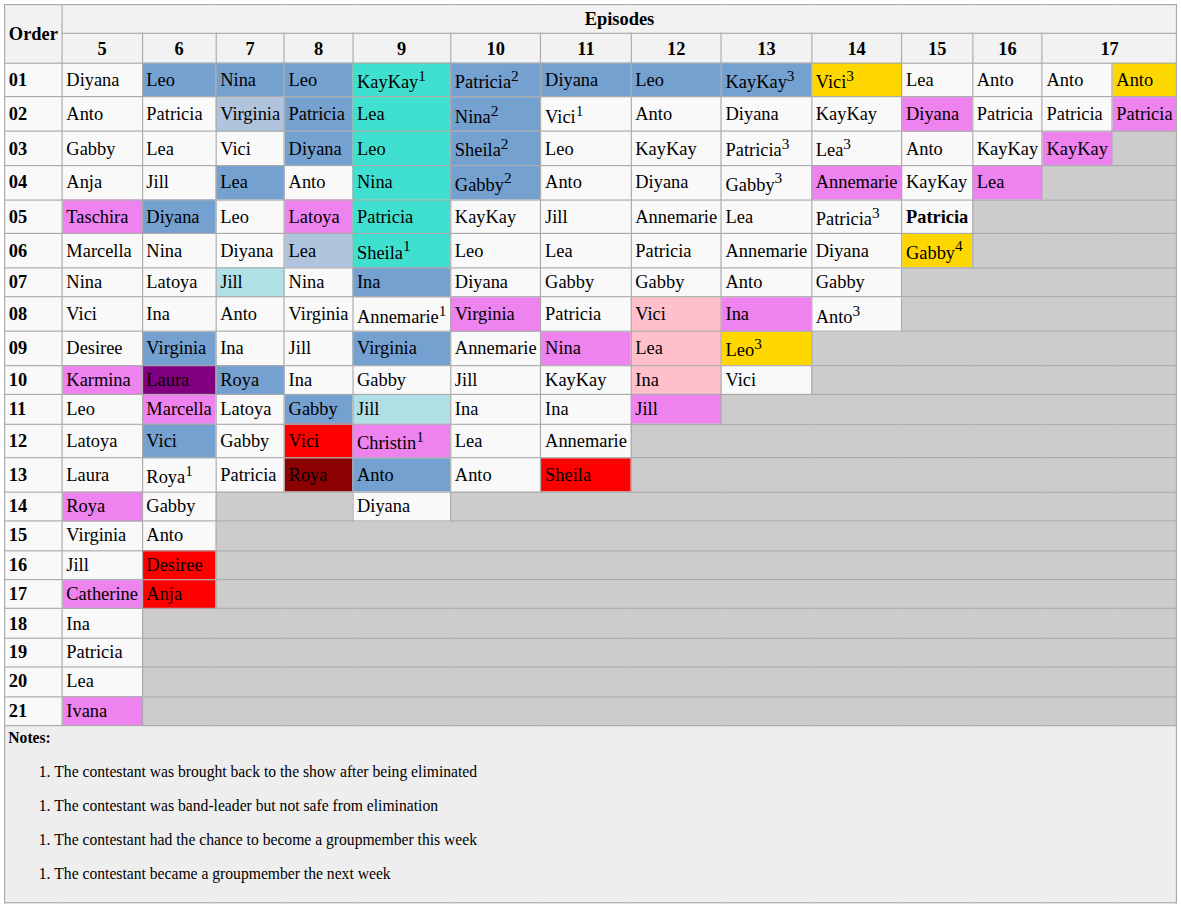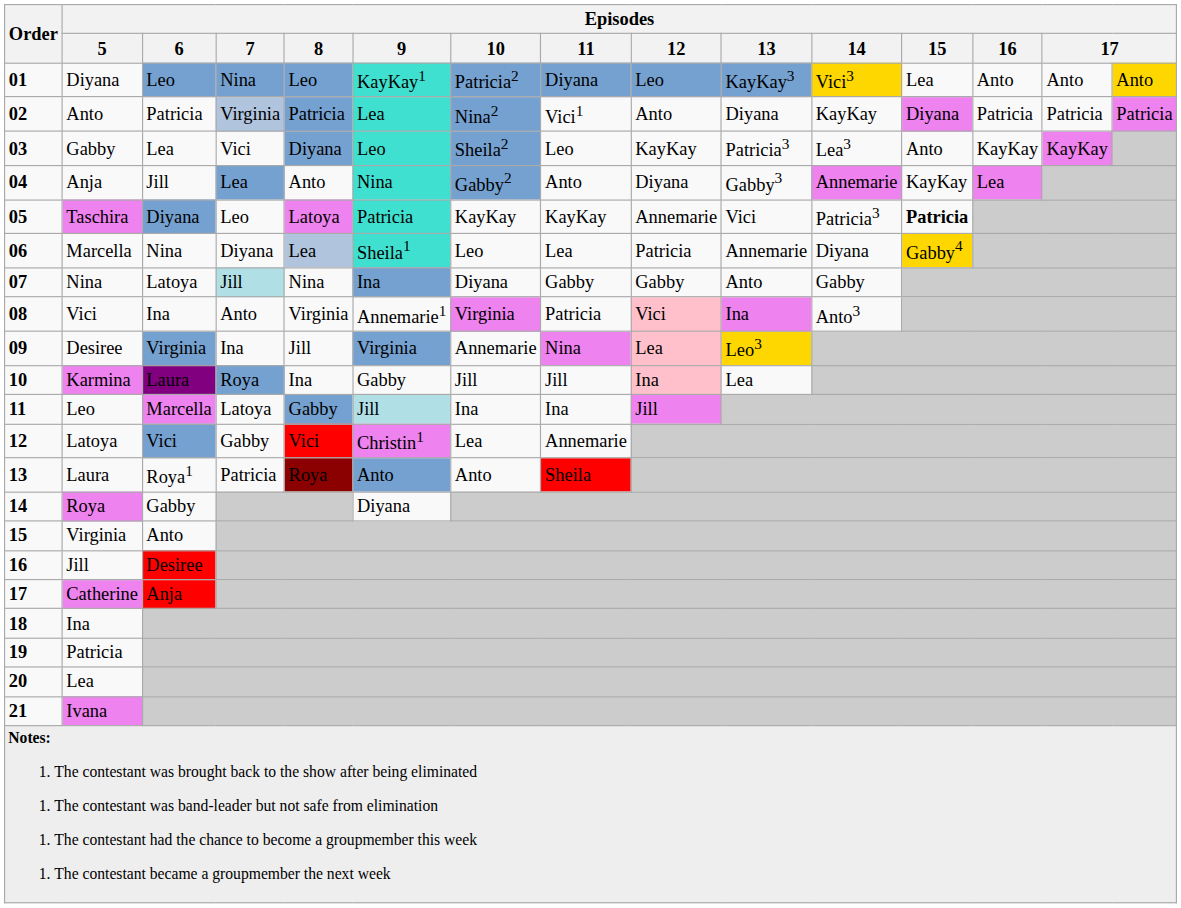 <table class="wikitable">
 <tr>
 <th rowspan=2>Order</th>
 <th colspan=14>Episodes</th>
 </tr>
 <tr>
 <th>5</th>
 <th>6</th>
 <th>7</th>
 <th>8</th>
 <th>9</th>
 <th>10</th>
 <th>11</th>
 <th>12</th>
 <th>13</th>
 <th>14</th>
 <th>15</th>
 <th>16</th>
 <th colspan=2>17</th>
 </tr>
 <tr>
 <td><strong>01</strong></td>
 <td>Diyana</td>
 <td style="background:#75A1D0">Leo</td>
 <td style="background:#75A1D0">Nina</td>
 <td style="background:#75A1D0">Leo</td>
 <td style="background:turquoise">KayKay<sup>1</sup></td>
 <td style="background:#75A1D0">Patricia<sup>2</sup></td>
 <td style="background:#75A1D0">Diyana</td>
 <td style="background:#75A1D0">Leo</td>
 <td style="background:#75A1D0">KayKay<sup>3</sup></td>
 <td style="background:gold">Vici<sup>3</sup></td>
 <td>Lea</td>
 <td>Anto</td>
 <td>Anto</td>
 <td style="background:gold">Anto</td>
 </tr>
 <tr>
 <td><strong>02</strong></td>
 <td>Anto</td>
 <td>Patricia</td>
 <td style="background:lightsteelblue">Virginia</td>
 <td style="background:#75A1D0">Patricia</td>
 <td style="background:turquoise">Lea</td>
 <td style="background:#75A1D0">Nina<sup>2</sup></td>
 <td>Vici<sup>1</sup></td>
 <td>Anto</td>
 <td>Diyana</td>
 <td>KayKay</td>
 <td style="background:violet">Diyana</td>
 <td>Patricia</td>
 <td>Patricia</td>
 <td style="background:violet">Patricia</td>
 </tr>
 <tr>
 <td><strong>03</strong></td>
 <td>Gabby</td>
 <td>Lea</td>
 <td>Vici</td>
 <td style="background:#75A1D0">Diyana</td>
 <td style="background:turquoise">Leo</td>
 <td style="background:#75A1D0">Sheila<sup>2</sup></td>
 <td>Leo</td>
 <td>KayKay</td>
 <td>Patricia<sup>3</sup></td>
 <td>Lea<sup>3</sup></td>
 <td>Anto</td>
 <td>KayKay</td>
 <td style="background:violet">KayKay</td>
 <td style="background:#CCCCCC;" colspan="1"></td>
 </tr>
 <tr>
 <td><strong>04</strong></td>
 <td>Anja</td>
 <td>Jill</td>
 <td style="background:#75A1D0">Lea</td>
 <td>Anto</td>
 <td style="background:turquoise">Nina</td>
 <td style="background:#75A1D0">Gabby<sup>2</sup></td>
 <td>Anto</td>
 <td>Diyana</td>
 <td>Gabby<sup>3</sup></td>
 <td style="background:violet">Annemarie</td>
 <td>KayKay</td>
 <td style="background:violet">Lea</td>
 <td style="background:#CCCCCC;" colspan="2"></td>
 </tr>
 <tr>
 <td><strong>05</strong></td>
 <td style="background:violet">Taschira</td>
 <td style="background:#75A1D0">Diyana</td>
 <td>Leo</td>
 <td style="background:violet">Latoya</td>
 <td style="background:turquoise">Patricia</td>
 <td>KayKay</td>
-<td>Jill</td>
+<td>KayKay</td>
 <td>Annemarie</td>
-<td>Lea</td>
+<td>Vici</td>
 <td>Patricia<sup>3</sup></td>
 <td><strong>Patricia</strong></td>
 <td style="background:#CCCCCC;" colspan="3"></td>
 </tr>
 <tr>
 <td><strong>06</strong></td>
 <td>Marcella</td>
 <td>Nina</td>
 <td>Diyana</td>
 <td style="background:lightsteelblue">Lea</td>
 <td style="background:turquoise">Sheila<sup>1</sup></td>
 <td>Leo</td>
 <td>Lea</td>
 <td>Patricia</td>
 <td>Annemarie</td>
 <td>Diyana</td>
 <td style="background:gold">Gabby<sup>4</sup></td>
 <td style="background:#CCCCCC;" colspan="3"></td>
 </tr>
 <tr>
 <td><strong>07</strong></td>
 <td>Nina</td>
 <td>Latoya</td>
 <td style="background:powderblue">Jill</td>
 <td>Nina</td>
 <td style="background:#75A1D0">Ina</td>
 <td>Diyana</td>
 <td>Gabby</td>
 <td>Gabby</td>
 <td>Anto</td>
 <td>Gabby</td>
 <td style="background:#CCCCCC;" colspan="4"></td>
 </tr>
 <tr>
 <td><strong>08</strong></td>
 <td>Vici</td>
 <td>Ina</td>
 <td>Anto</td>
 <td>Virginia</td>
 <td>Annemarie<sup>1</sup></td>
 <td style="background:violet">Virginia</td>
 <td>Patricia</td>
 <td style="background:pink">Vici</td>
 <td style="background:violet">Ina</td>
 <td>Anto<sup>3</sup></td>
 <td style="background:#CCCCCC;" colspan="4"></td>
 </tr>
 <tr>
 <td><strong>09</strong></td>
 <td>Desiree</td>
 <td style="background:#75A1D0">Virginia</td>
 <td>Ina</td>
 <td>Jill</td>
 <td style="background:#75A1D0">Virginia</td>
 <td>Annemarie</td>
 <td style="background:violet">Nina</td>
 <td style="background:pink">Lea</td>
 <td style="background:gold">Leo<sup>3</sup></td>
 <td style="background:#CCCCCC;" colspan="5"></td>
 </tr>
 <tr>
 <td><strong>10</strong></td>
 <td style="background:violet">Karmina</td>
 <td style="background:purple"><span>Laura</span></td>
 <td style="background:#75A1D0">Roya</td>
 <td>Ina</td>
 <td>Gabby</td>
 <td>Jill</td>
-<td>KayKay</td>
+<td>Jill</td>
 <td style="background:pink">Ina</td>
-<td>Vici</td>
+<td>Lea</td>
 <td style="background:#CCCCCC;" colspan="5"></td>
 </tr>
 <tr>
 <td><strong>11</strong></td>
 <td>Leo</td>
 <td style="background:violet">Marcella</td>
 <td>Latoya</td>
 <td style="background:#75A1D0">Gabby</td>
 <td style="background:powderblue">Jill</td>
 <td>Ina</td>
 <td>Ina</td>
 <td style="background:violet">Jill</td>
 <td style="background:#CCCCCC;" colspan="6"></td>
 </tr>
 <tr>
 <td><strong>12</strong></td>
 <td>Latoya</td>
 <td style="background:#75A1D0"><span>Vici</span></td>
 <td>Gabby</td>
 <td style="background:red"><span>Vici</span></td>
 <td style="background:violet">Christin<sup>1</sup></td>
 <td>Lea</td>
 <td>Annemarie</td>
 <td style="background:#CCCCCC;" colspan="7"></td>
 </tr>
 <tr>
 <td><strong>13</strong></td>
 <td>Laura</td>
 <td>Roya<sup>1</sup></td>
 <td>Patricia</td>
 <td style="background:darkred"><span>Roya</span></td>
 <td style="background:#75A1D0">Anto</td>
 <td>Anto</td>
 <td style="background:red"><span>Sheila</span></td>
 <td style="background:#CCCCCC;" colspan="7"></td>
 </tr>
 <tr>
 <td><strong>14</strong></td>
 <td style="background:violet">Roya</td>
 <td>Gabby</td>
 <td style="background:#CCCCCC;" colspan="2"></td>
 <td>Diyana</td>
 <td style="background:#CCCCCC;" colspan="9"></td>
 </tr>
 <tr>
 <td><strong>15</strong></td>
 <td>Virginia</td>
 <td>Anto</td>
 <td style="background:#CCCCCC;" colspan="12"></td>
 </tr>
 <tr>
 <td><strong>16</strong></td>
 <td>Jill</td>
 <td style="background:red"><span>Desiree</span></td>
 <td style="background:#CCCCCC;" colspan="12"></td>
 </tr>
 <tr>
 <td><strong>17</strong></td>
 <td style="background:violet">Catherine</td>
 <td style="background:red"><span>Anja</span></td>
 <td style="background:#CCCCCC;" colspan="12"></td>
 </tr>
 <tr>
 <td><strong>18</strong></td>
 <td>Ina</td>
 <td style="background:#CCCCCC;" colspan="13"></td>
 </tr>
 <tr>
 <td><strong>19</strong></td>
 <td>Patricia</td>
 <td style="background:#CCCCCC;" colspan="13"></td>
 </tr>
 <tr>
 <td><strong>20</strong></td>
 <td>Lea</td>
 <td style="background:#CCCCCC;" colspan="13"></td>
 </tr>
 <tr>
 <td><strong>21</strong></td>
 <td style="background:violet">Ivana</td>
 <td style="background:#CCCCCC;" colspan="13"></td>
 </tr>
 <tr>
 <td colspan=15 style="font-size:85%" bgcolor=#EEEEEE><strong>Notes:</strong><br><ol><li>The contestant was brought back to the show after being eliminated</ol> <ol><li>The contestant was band-leader but not safe from elimination</ol> <ol><li>The contestant had the chance to become a groupmember this week</ol> <ol><li>The contestant became a groupmember the next week</ol></td>
 </tr>
 </table>
